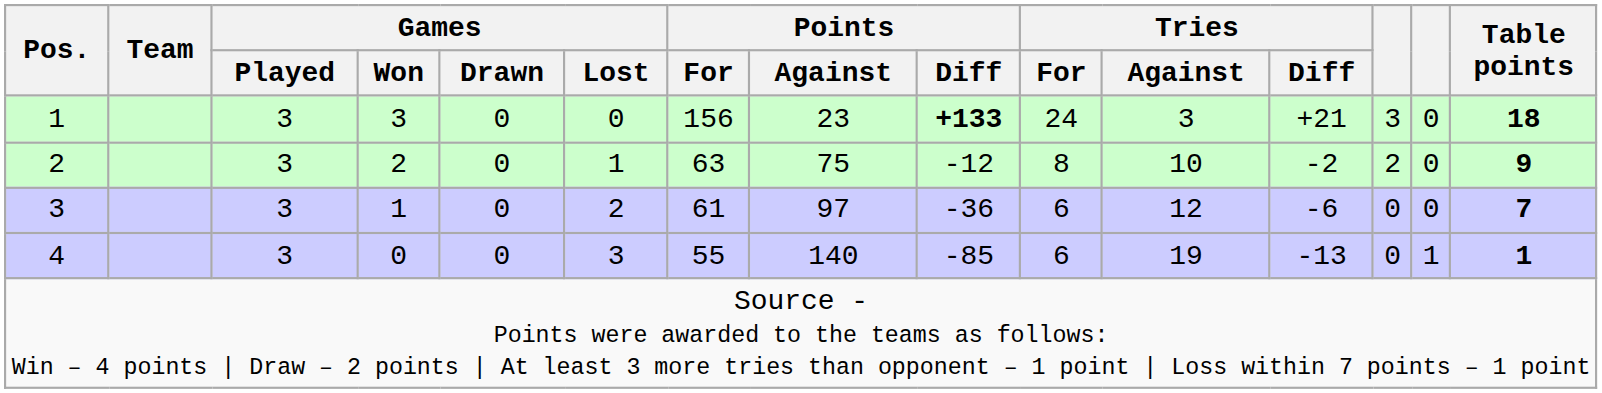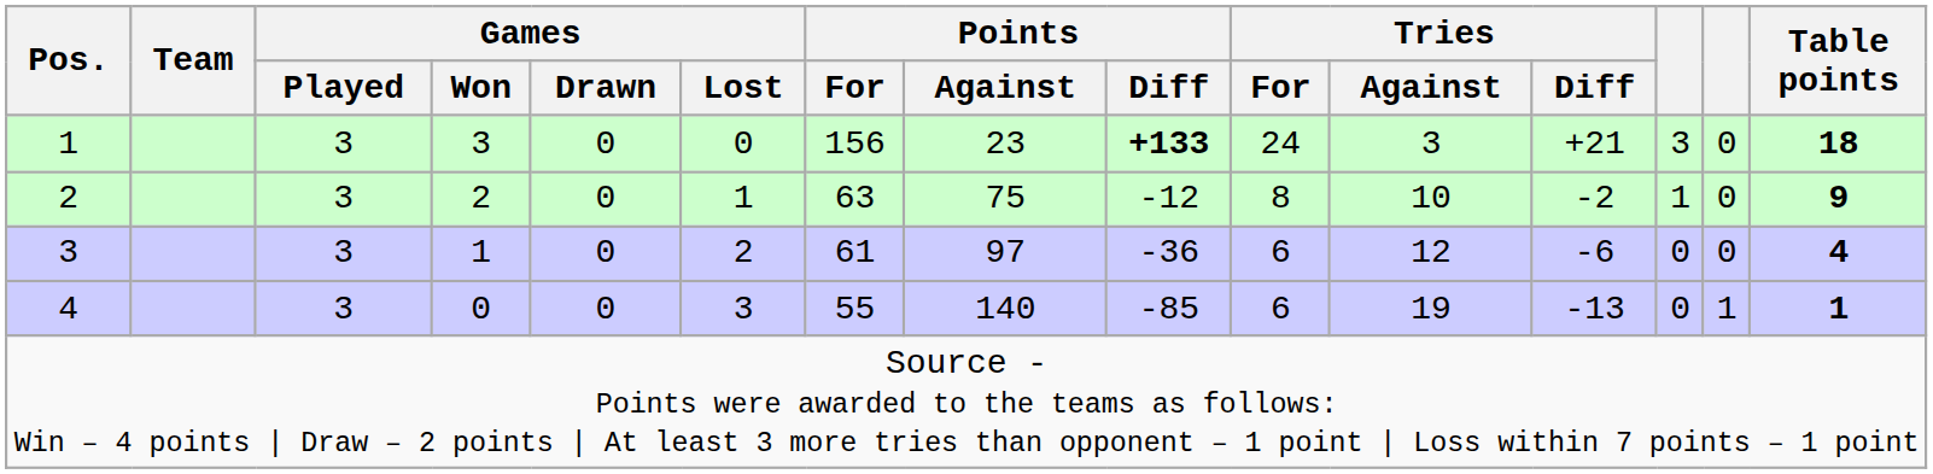 <table class="wikitable" style="text-align:center">
 <tr>
 <th rowspan="2">Pos.</th>
 <th rowspan="2">Team</th>
 <th colspan="4">Games</th>
 <th colspan="3">Points</th>
 <th colspan="3">Tries</th>
 <th rowspan="2"></th>
 <th rowspan="2"></th>
 <th rowspan="2">Table<br>points</th>
 </tr>
 <tr>
 <th>Played</th>
 <th>Won</th>
 <th>Drawn</th>
 <th>Lost</th>
 <th>For</th>
 <th>Against</th>
 <th>Diff</th>
 <th>For</th>
 <th>Against</th>
 <th>Diff</th>
 </tr>
 <tr bgcolor="#ccffcc">
 <td>1</td>
 <td style="text-align:left"></td>
 <td>3</td>
 <td>3</td>
 <td>0</td>
 <td>0</td>
 <td>156</td>
 <td>23</td>
 <td><strong>+133</strong></td>
 <td>24</td>
 <td>3</td>
 <td>+21</td>
 <td>3</td>
 <td>0</td>
 <td><strong>18</strong></td>
 </tr>
 <tr bgcolor="#ccffcc">
 <td>2</td>
 <td style="text-align:left"></td>
 <td>3</td>
 <td>2</td>
 <td>0</td>
 <td>1</td>
 <td>63</td>
 <td>75</td>
 <td>-12</td>
 <td>8</td>
 <td>10</td>
 <td>-2</td>
-<td>2</td>
+<td>1</td>
 <td>0</td>
 <td><strong>9</strong></td>
 </tr>
 <tr bgcolor="#CCCCFF">
 <td>3</td>
 <td style="text-align:left"></td>
 <td>3</td>
 <td>1</td>
 <td>0</td>
 <td>2</td>
 <td>61</td>
 <td>97</td>
 <td>-36</td>
 <td>6</td>
 <td>12</td>
 <td>-6</td>
 <td>0</td>
 <td>0</td>
-<td><strong>7</strong></td>
+<td><strong>4</strong></td>
 </tr>
 <tr bgcolor="#CCCCFF">
 <td>4</td>
 <td style="text-align:left"></td>
 <td>3</td>
 <td>0</td>
 <td>0</td>
 <td>3</td>
 <td>55</td>
 <td>140</td>
 <td>-85</td>
 <td>6</td>
 <td>19</td>
 <td>-13</td>
 <td>0</td>
 <td>1</td>
 <td><strong>1</strong></td>
 </tr>
 <tr>
 <td colspan="100%" style="text-align:center">Source - <br><small>Points were awarded to the teams as follows:<br>Win – 4 points | Draw – 2 points | At least 3 more tries than opponent – 1 point | Loss within 7 points – 1 point</small></td>
 </tr>
 </table>
